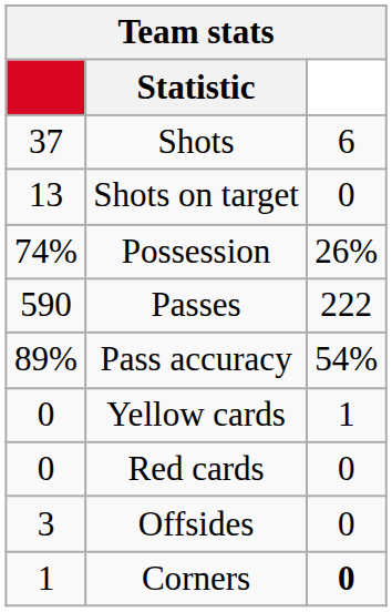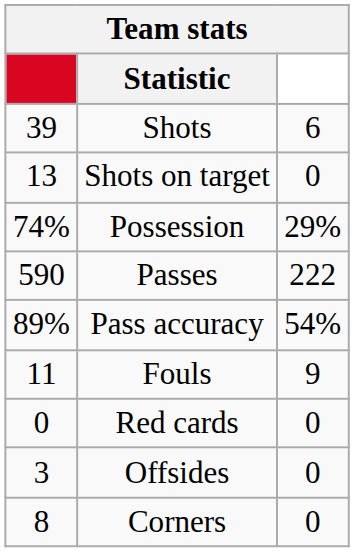 <table class="wikitable" style="margin-left: auto; margin-right: auto; border: none; text-align:center;">
 <tr>
 <th colspan=3>Team stats</th>
 </tr>
 <tr>
 <th style="background: #D80621; color: #FFFFFF;"> <a href='#'></a></th>
 <th>Statistic</th>
 <th style="background: #FFFFFF; color: #000000;"> <a href='#'></a></th>
 </tr>
 <tr>
-<td>37</td>
+<td>39</td>
 <td>Shots</td>
 <td>6</td>
 </tr>
 <tr>
 <td>13</td>
 <td>Shots on target</td>
 <td>0</td>
 </tr>
 <tr>
 <td>74%</td>
 <td>Possession</td>
-<td>26%</td>
+<td>29%</td>
 </tr>
 <tr>
 <td>590</td>
 <td>Passes</td>
 <td>222</td>
 </tr>
 <tr>
 <td>89%</td>
 <td>Pass accuracy</td>
 <td>54%</td>
 </tr>
 <tr>
-<td>0</td>
-<td>Yellow cards</td>
-<td>1</td>
+<td>11</td>
+<td>Fouls</td>
+<td>9</td>
 </tr>
 <tr>
 <td>0</td>
 <td>Red cards</td>
 <td>0</td>
 </tr>
 <tr>
 <td>3</td>
 <td>Offsides</td>
 <td>0</td>
 </tr>
 <tr>
-<td>1</td>
+<td>8</td>
 <td>Corners</td>
-<td><strong>0</strong></td>
+<td>0</td>
 </tr>
 </table>
